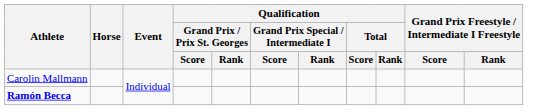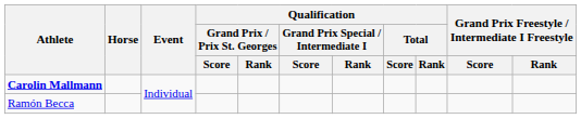 <table class=wikitable style=font-size:90%;text-align:center>
 <tr>
 <th rowspan=3>Athlete</th>
 <th rowspan=3>Horse</th>
 <th rowspan=3>Event</th>
 <th colspan=6>Qualification</th>
 <th colspan=2 rowspan=2>Grand Prix Freestyle /<br>Intermediate I Freestyle</th>
 </tr>
 <tr style=font-size:95%>
 <th colspan=2>Grand Prix /<br>Prix St. Georges</th>
 <th colspan=2>Grand Prix Special /<br>Intermediate I</th>
 <th colspan=2>Total</th>
 </tr>
 <tr style=font-size:95%>
 <th>Score</th>
 <th>Rank</th>
 <th>Score</th>
 <th>Rank</th>
 <th>Score</th>
 <th>Rank</th>
 <th>Score</th>
 <th>Rank</th>
 </tr>
 <tr>
-<td align=left><a href='#'>Carolin Mallmann</a></td>
+<td align=left><strong><a href='#'>Carolin Mallmann</a></strong></td>
 <td align=left></td>
 <td align=left rowspan=2><a href='#'>Individual</a></td>
 <td></td>
 <td></td>
 <td></td>
 <td></td>
 <td></td>
 <td></td>
 <td></td>
 <td></td>
 </tr>
 <tr>
-<td align=left><strong><a href='#'>Ramón Becca</a></strong></td>
+<td align=left><a href='#'>Ramón Becca</a></td>
 <td align=left></td>
 <td></td>
 <td></td>
 <td></td>
 <td></td>
 <td></td>
 <td></td>
 <td></td>
 <td></td>
 </tr>
 </table>
